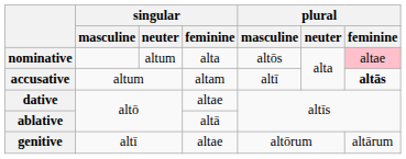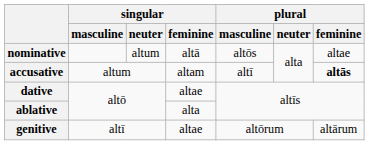 <table class="wikitable" align="right">
 <tr>
 <th rowspan="2"></th>
 <th colspan="3">singular</th>
 <th colspan="3">plural</th>
 </tr>
 <tr>
 <th>masculine</th>
 <th>neuter</th>
 <th>feminine</th>
 <th>masculine</th>
 <th>neuter</th>
 <th>feminine</th>
 </tr>
 <tr align="center">
 <th>nominative</th>
 <td></td>
 <td>altum</td>
-<td>alta</td>
+<td>altā</td>
 <td>altōs</td>
 <td rowspan="2">alta</td>
-<td style="background: pink;">altae</td>
+<td>altae</td>
 </tr>
 <tr align="center">
 <th>accusative</th>
 <td colspan="2">altum</td>
 <td>altam</td>
 <td>altī</td>
 <td><strong>altās</strong></td>
 </tr>
 <tr align="center">
 <th>dative</th>
 <td colspan="2" rowspan="2">altō</td>
 <td>altae</td>
 <td colspan="3" rowspan="2">altīs</td>
 </tr>
 <tr align="center">
 <th>ablative</th>
-<td>altā</td>
+<td>alta</td>
 </tr>
 <tr align="center">
 <th>genitive</th>
 <td colspan="2">altī</td>
 <td>altae</td>
 <td colspan="2">altōrum</td>
 <td>altārum</td>
 </tr>
 </table>
